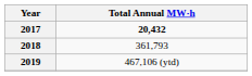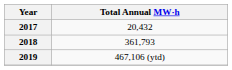 <table class=wikitable style="text-align:center; font-size:0.9em; width:350px;">
 <tr>
 <th>Year</th>
 <th>Total Annual <a href='#'>MW·h</a></th>
 </tr>
 <tr>
 <th>2017</th>
-<td><strong>20,432</strong></td>
+<td>20,432</td>
 </tr>
 <tr>
 <th>2018</th>
 <td>361,793</td>
 </tr>
 <tr>
 <th>2019</th>
 <td>467,106 (ytd)</td>
 </tr>
 <tr>
 </tr>
 </table>
